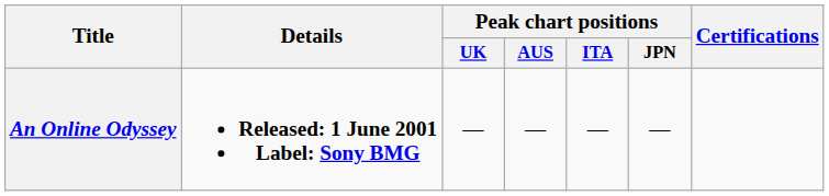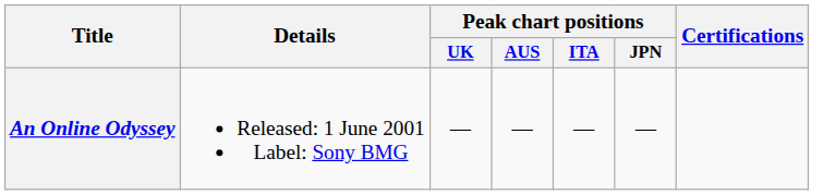 <table class="wikitable plainrowheaders" style="text-align:center">
 <tr>
 <th rowspan="2">Title</th>
 <th rowspan="2">Details</th>
 <th colspan="4">Peak chart positions</th>
 <th rowspan="2"><a href='#'>Certifications</a></th>
 </tr>
 <tr>
 <th style="width:3em;font-size:85%"><a href='#'>UK</a><br></th>
 <th style="width:3em;font-size:85%"><a href='#'>AUS</a><br></th>
 <th style="width:3em;font-size:85%"><a href='#'>ITA</a><br></th>
 <th style="width:3em;font-size:85%">JPN<br></th>
 </tr>
 <tr>
 <th scope="row"><em><a href='#'>An Online Odyssey</a></em></th>
-<td><strong><br><ul><li>Released: 1 June 2001</li><li>Label: <a href='#'>Sony BMG</a></li></ul></strong></td>
+<td><br><ul><li>Released: 1 June 2001</li><li>Label: <a href='#'>Sony BMG</a></li></ul></td>
 <td>—</td>
 <td>—</td>
 <td>—</td>
 <td>—</td>
 <td></td>
 </tr>
 </table>
